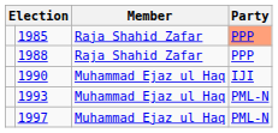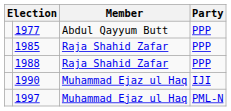 <table class="wikitable">
 <tr>
 <th colspan="2">Election</th>
 <th>Member</th>
 <th>Party</th>
 </tr>
 <tr>
 <td style="background-color: "></td>
+<td><a href='#'>1977</a></td>
+<td>Abdul Qayyum Butt</td>
+<td><a href='#'>PPP</a></td>
+</tr>
+<tr>
+<td style="background-color: "></td>
 <td><a href='#'>1985</a></td>
 <td><a href='#'>Raja Shahid Zafar</a></td>
-<td style="background: lightsalmon;"><a href='#'>PPP</a></td>
+<td><a href='#'>PPP</a></td>
 </tr>
 <tr>
 <td style="background-color: "></td>
 <td><a href='#'>1988</a></td>
 <td><a href='#'>Raja Shahid Zafar</a></td>
 <td><a href='#'>PPP</a></td>
 </tr>
 <tr>
 <td style="background-color: "></td>
 <td><a href='#'>1990</a></td>
 <td><a href='#'>Muhammad Ejaz ul Haq</a></td>
 <td><a href='#'>IJI</a></td>
 </tr>
 <tr>
 <td style="background-color: "></td>
-<td><a href='#'>1993</a></td>
-<td><a href='#'>Muhammad Ejaz ul Haq</a></td>
-<td><a href='#'>PML-N</a></td>
-</tr>
-<tr>
-<td style="background-color: "></td>
 <td><a href='#'>1997</a></td>
 <td><a href='#'>Muhammad Ejaz ul Haq</a></td>
 <td><a href='#'>PML-N</a></td>
 </tr>
 </table>
